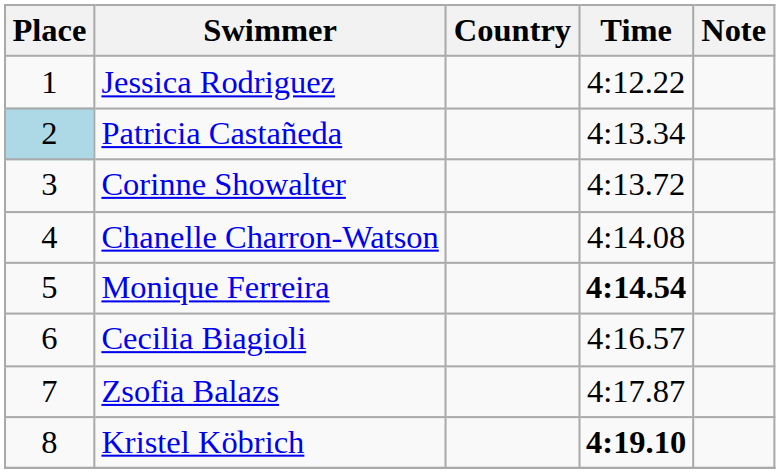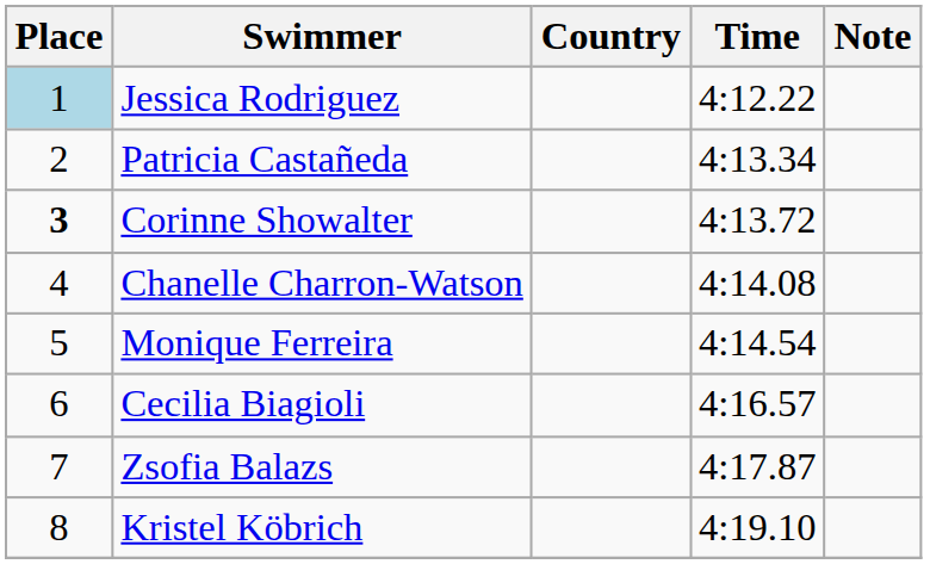 <table class="wikitable" style="text-align:center">
 <tr>
 <th>Place</th>
 <th>Swimmer</th>
 <th>Country</th>
 <th>Time</th>
 <th>Note</th>
 </tr>
 <tr>
-<td>1</td>
+<td style="background: lightblue;">1</td>
 <td align=left><a href='#'>Jessica Rodriguez</a></td>
 <td align=left></td>
 <td>4:12.22</td>
 <td></td>
 </tr>
 <tr>
-<td style="background: lightblue;">2</td>
+<td>2</td>
 <td align=left><a href='#'>Patricia Castañeda</a></td>
 <td align=left></td>
 <td>4:13.34</td>
 <td></td>
 </tr>
 <tr>
-<td>3</td>
+<td><strong>3</strong></td>
 <td align=left><a href='#'>Corinne Showalter</a></td>
 <td align=left></td>
 <td>4:13.72</td>
 <td></td>
 </tr>
 <tr>
 <td>4</td>
 <td align=left><a href='#'>Chanelle Charron-Watson</a></td>
 <td align=left></td>
 <td>4:14.08</td>
 <td></td>
 </tr>
 <tr>
 <td>5</td>
 <td align=left><a href='#'>Monique Ferreira</a></td>
 <td align=left></td>
-<td><strong>4:14.54</strong></td>
+<td>4:14.54</td>
 <td></td>
 </tr>
 <tr>
 <td>6</td>
 <td align=left><a href='#'>Cecilia Biagioli</a></td>
 <td align=left></td>
 <td>4:16.57</td>
 <td></td>
 </tr>
 <tr>
 <td>7</td>
 <td align=left><a href='#'>Zsofia Balazs</a></td>
 <td align=left></td>
 <td>4:17.87</td>
 <td></td>
 </tr>
 <tr>
 <td>8</td>
 <td align=left><a href='#'>Kristel Köbrich</a></td>
 <td align=left></td>
-<td><strong>4:19.10</strong></td>
+<td>4:19.10</td>
 <td></td>
 </tr>
 <tr>
 </tr>
 </table>
